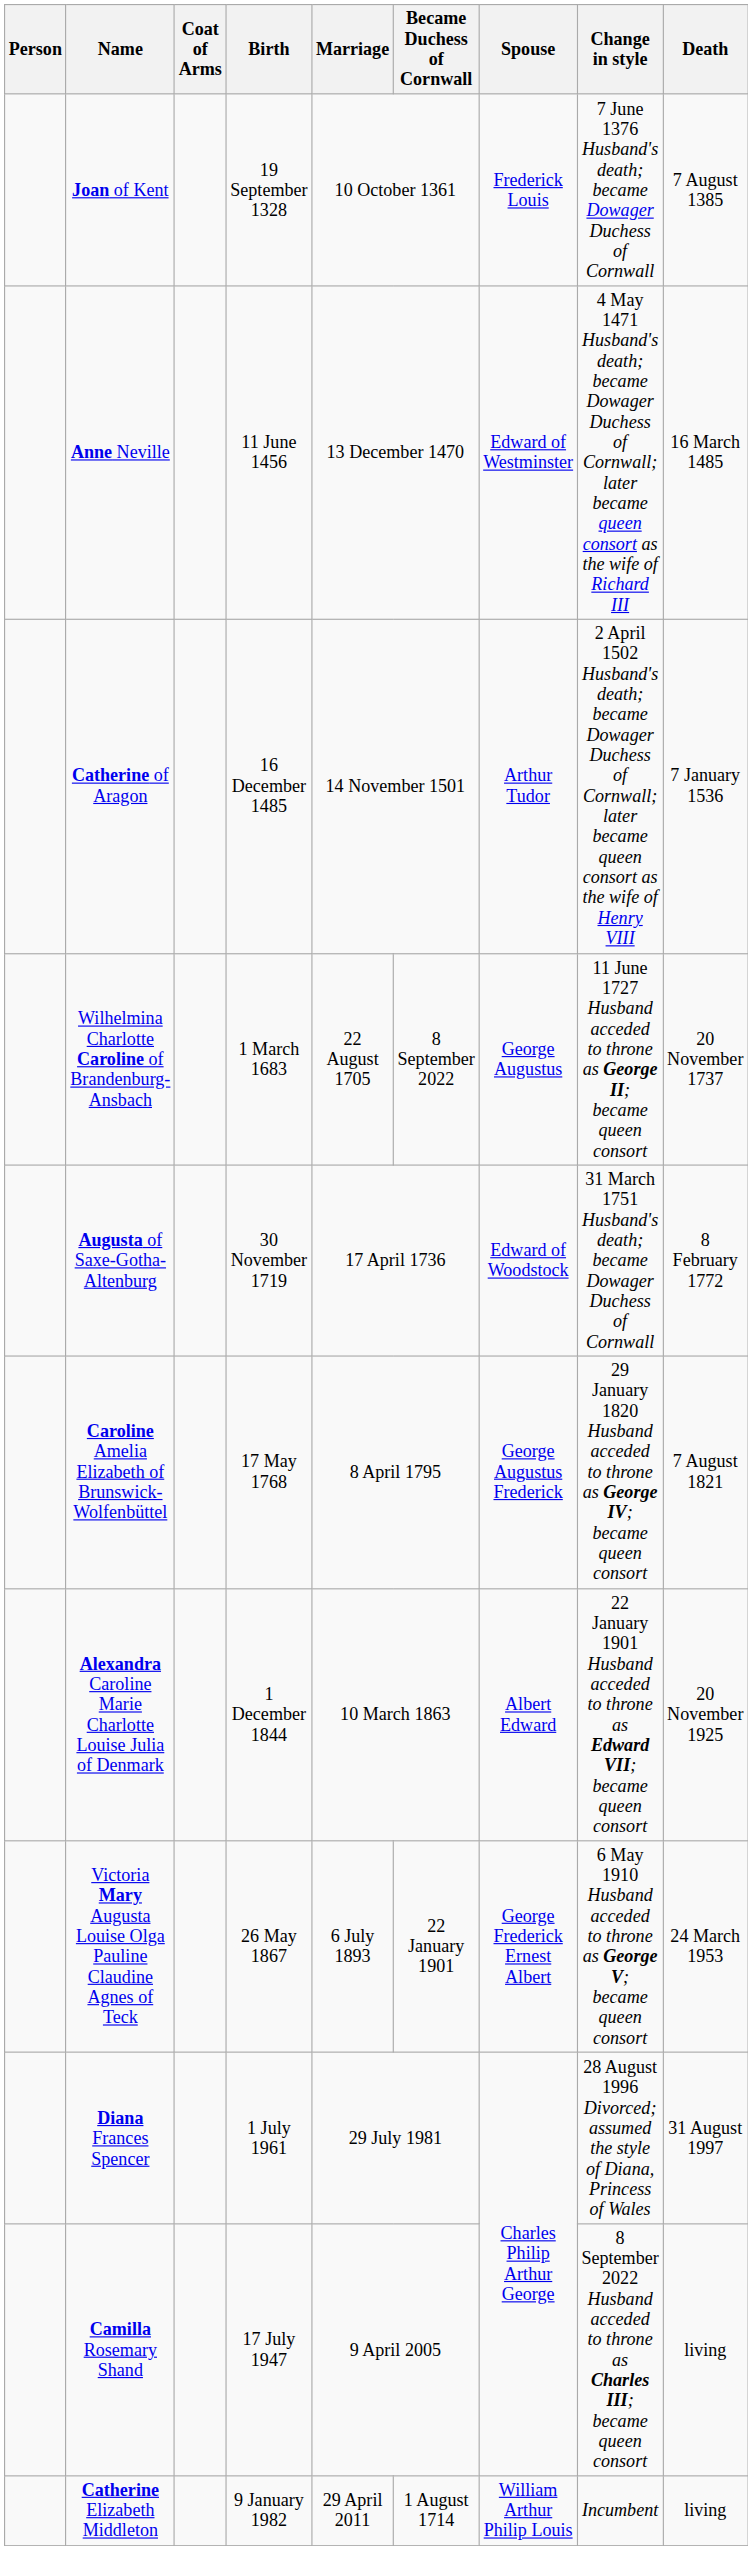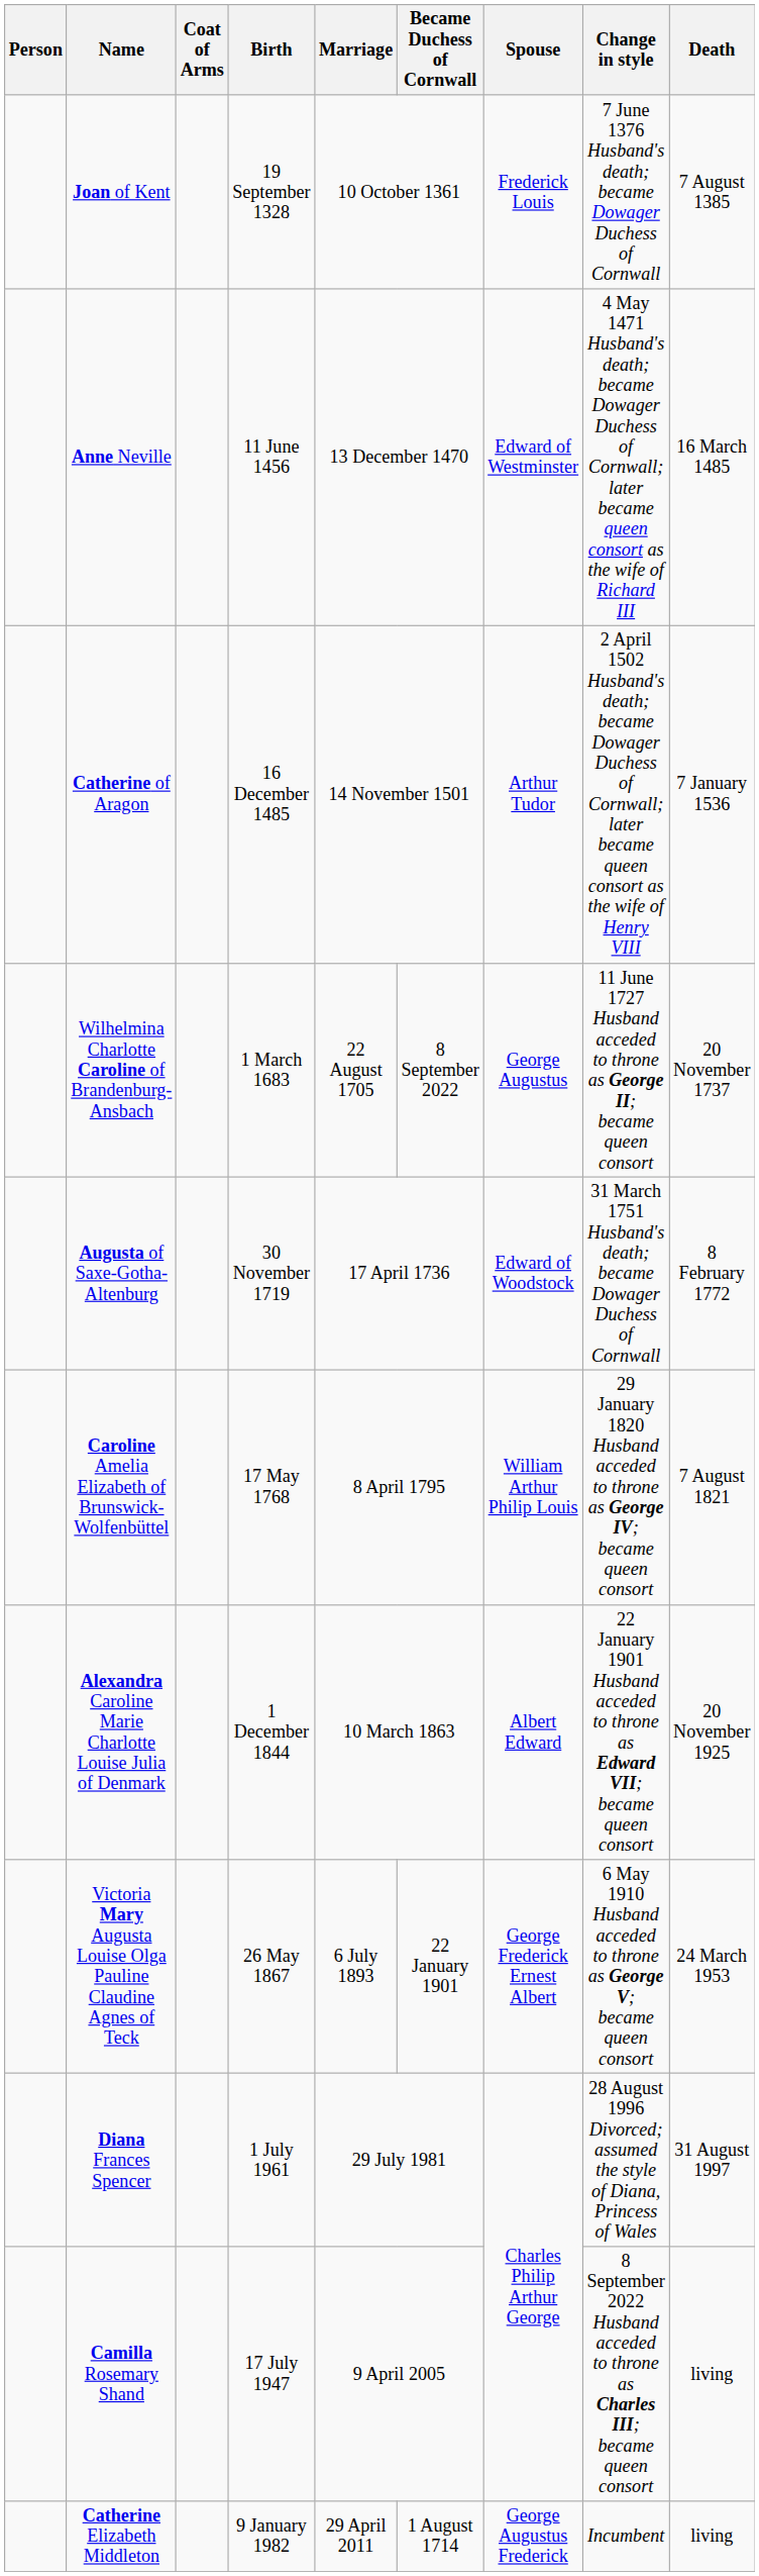 <table width=95% class="wikitable">
 <tr>
 <th width = "8%">Person</th>
 <th width = "12%">Name</th>
 <th>Coat of Arms</th>
 <th width="12%">Birth</th>
 <th width = "8%">Marriage</th>
 <th width = "8%">Became Duchess of Cornwall</th>
 <th width = "7%">Spouse</th>
 <th width = "12%">Change in style</th>
 <th width = "10%">Death</th>
 </tr>
 <tr>
 <td align="center"></td>
 <td align="center"><a href='#'><strong>Joan</strong> of Kent</a></td>
 <td></td>
 <td align="center">19 September 1328</td>
 <td align="center" colspan="2">10 October 1361</td>
 <td align="center"><a href='#'>Frederick Louis</a></td>
 <td align="center">7 June 1376<br><em>Husband's death;<br>became <a href='#'>Dowager</a> Duchess of Cornwall</em></td>
 <td align="center">7 August 1385</td>
 </tr>
 <tr>
 <td align="center"></td>
 <td align="center"><a href='#'><strong>Anne</strong> Neville</a></td>
 <td></td>
 <td align="center">11 June 1456</td>
 <td align="center" colspan="2">13 December 1470</td>
 <td align="center"><a href='#'>Edward of Westminster</a></td>
 <td align="center">4 May 1471<br><em>Husband's death;<br>became Dowager Duchess of Cornwall;<br>later became <a href='#'>queen consort</a> as the wife of <a href='#'>Richard III</a></em></td>
 <td align="center">16 March 1485</td>
 </tr>
 <tr>
 <td align="center"></td>
 <td align="center"><a href='#'><strong>Catherine</strong> of Aragon</a></td>
 <td></td>
 <td align="center">16 December 1485</td>
 <td align="center" colspan="2">14 November 1501</td>
 <td align="center"><a href='#'>Arthur Tudor</a></td>
 <td align="center">2 April 1502<br><em>Husband's death;<br>became Dowager Duchess of Cornwall;<br>later became queen consort as the wife of <a href='#'>Henry VIII</a></em></td>
 <td align="center" colspan="2">7 January 1536</td>
 </tr>
 <tr>
 <td align="center"></td>
 <td align="center"><a href='#'>Wilhelmina Charlotte <strong>Caroline</strong> of Brandenburg-Ansbach</a></td>
 <td></td>
 <td align="center">1 March 1683</td>
 <td align="center">22 August 1705</td>
 <td align="center">8 September 2022</td>
 <td align="center"><a href='#'>George Augustus</a></td>
 <td align="center">11 June 1727<br><em>Husband acceded to throne as <strong>George II</strong>;<br>became queen consort</em></td>
 <td align="center">20 November 1737</td>
 </tr>
 <tr>
 <td align="center"></td>
 <td align="center"><a href='#'><strong>Augusta</strong> of Saxe-Gotha-Altenburg</a></td>
 <td></td>
 <td align="center">30 November 1719</td>
 <td align="center" colspan="2">17 April 1736</td>
 <td align="center"><a href='#'>Edward of Woodstock</a></td>
 <td align="center">31 March 1751<br><em>Husband's death;<br>became Dowager Duchess of Cornwall</em></td>
 <td align="center">8 February 1772</td>
 </tr>
 <tr>
 <td align="center"></td>
 <td align="center"><a href='#'><strong>Caroline</strong> Amelia Elizabeth of Brunswick-Wolfenbüttel</a></td>
 <td></td>
 <td align="center">17 May 1768</td>
 <td align="center" colspan="2">8 April 1795</td>
-<td align="center"><a href='#'>George Augustus Frederick</a></td>
+<td align="center"><a href='#'>William Arthur Philip Louis</a></td>
 <td align="center">29 January 1820<br><em>Husband acceded to throne as <strong>George IV</strong>;<br>became queen consort</em></td>
 <td align="center">7 August 1821</td>
 </tr>
 <tr>
 <td align="center"></td>
 <td align="center"><a href='#'><strong>Alexandra</strong> Caroline Marie Charlotte Louise Julia of Denmark</a></td>
 <td></td>
 <td align="center">1 December 1844</td>
 <td align="center" colspan="2">10 March 1863</td>
 <td align="center"><a href='#'>Albert Edward</a></td>
 <td align="center">22 January 1901<br><em>Husband acceded to throne as <strong>Edward VII</strong>;<br>became queen consort</em></td>
 <td align="center">20 November 1925</td>
 </tr>
 <tr>
 <td align="center"></td>
 <td align="center"><a href='#'>Victoria <strong>Mary</strong> Augusta Louise Olga Pauline Claudine Agnes of Teck</a></td>
 <td></td>
 <td align="center">26 May 1867</td>
 <td align="center">6 July 1893</td>
 <td align="center">22 January 1901</td>
 <td align="center"><a href='#'>George Frederick Ernest Albert</a></td>
 <td align="center">6 May 1910<br><em>Husband acceded to throne as <strong>George V</strong>;<br>became queen consort</em></td>
 <td align="center">24 March 1953</td>
 </tr>
 <tr>
 <td align="center"></td>
 <td align="center"><a href='#'><strong>Diana</strong> Frances Spencer</a></td>
 <td></td>
 <td align="center">1 July 1961</td>
 <td align="center" colspan="2">29 July 1981</td>
 <td align="center" rowspan="2"><a href='#'>Charles Philip Arthur George</a></td>
 <td align="center">28 August 1996<br><em>Divorced;<br>assumed the style of Diana, Princess of Wales</em></td>
 <td align="center">31 August 1997</td>
 </tr>
 <tr>
 <td align="center"></td>
 <td align="center"><a href='#'><strong>Camilla</strong> Rosemary Shand</a></td>
 <td></td>
 <td align="center">17 July 1947</td>
 <td align="center" colspan="2">9 April 2005</td>
 <td align="center">8 September 2022<br><em>Husband acceded to throne as <strong>Charles III</strong>;<br>became queen consort</em></td>
 <td align="center">living</td>
 </tr>
 <tr>
 <td align="center"></td>
 <td align="center"><a href='#'><strong>Catherine</strong> Elizabeth Middleton</a></td>
 <td></td>
 <td align="center">9 January 1982</td>
 <td align="center">29 April 2011</td>
 <td align="center">1 August 1714</td>
-<td align="center"><a href='#'>William Arthur Philip Louis</a></td>
+<td align="center"><a href='#'>George Augustus Frederick</a></td>
 <td align="center"><em>Incumbent</em></td>
 <td align="center">living</td>
 </tr>
 <tr>
 </tr>
 </table>
